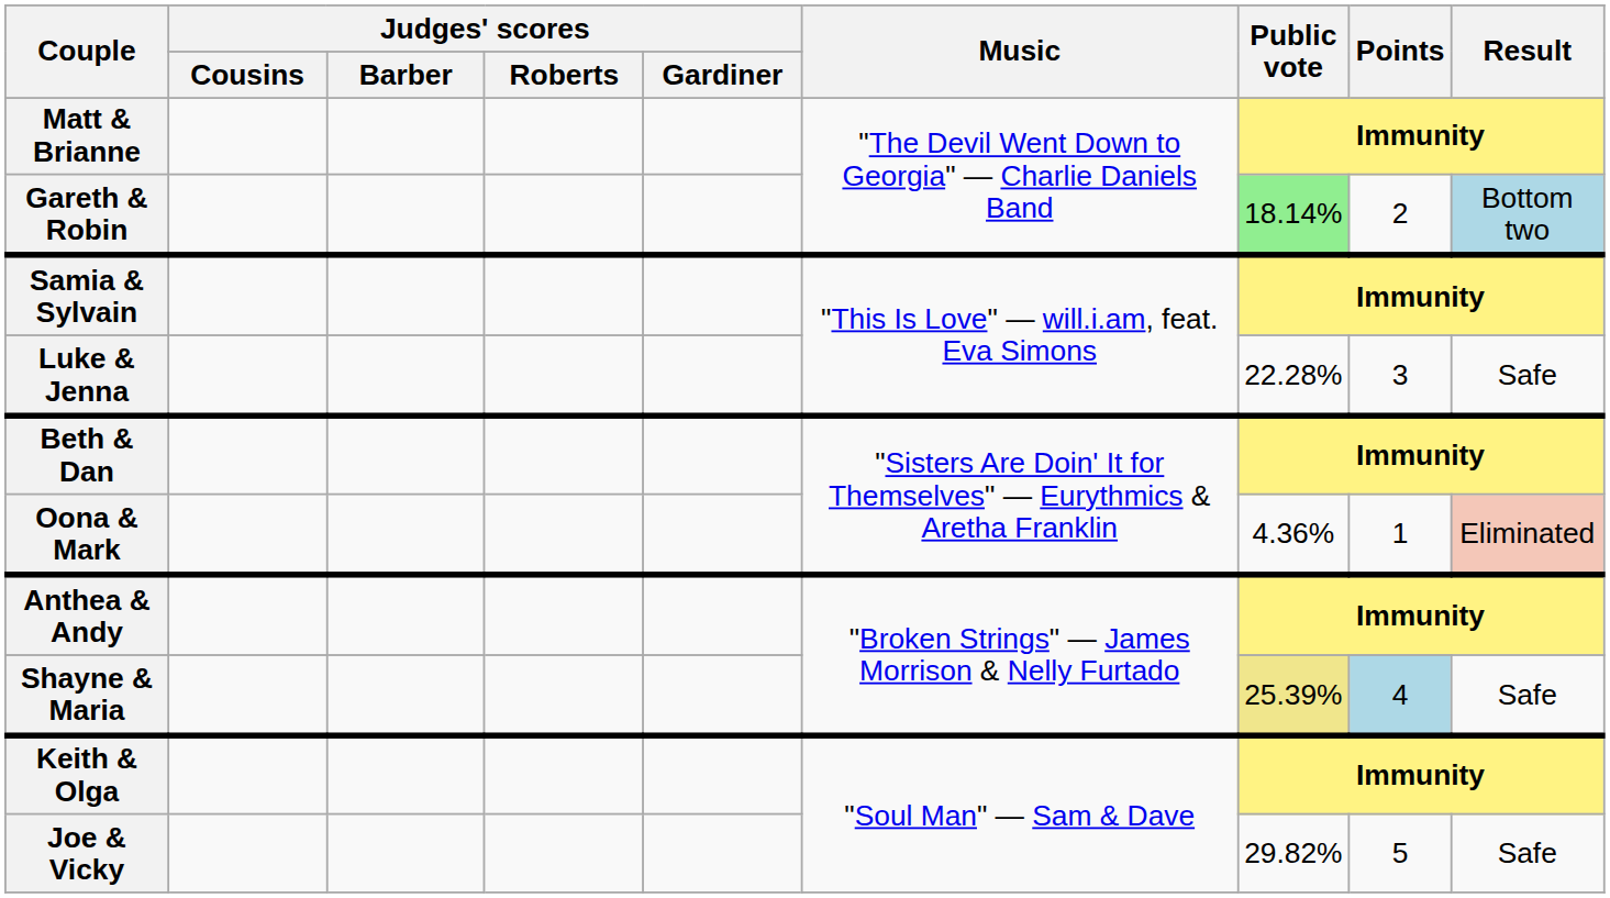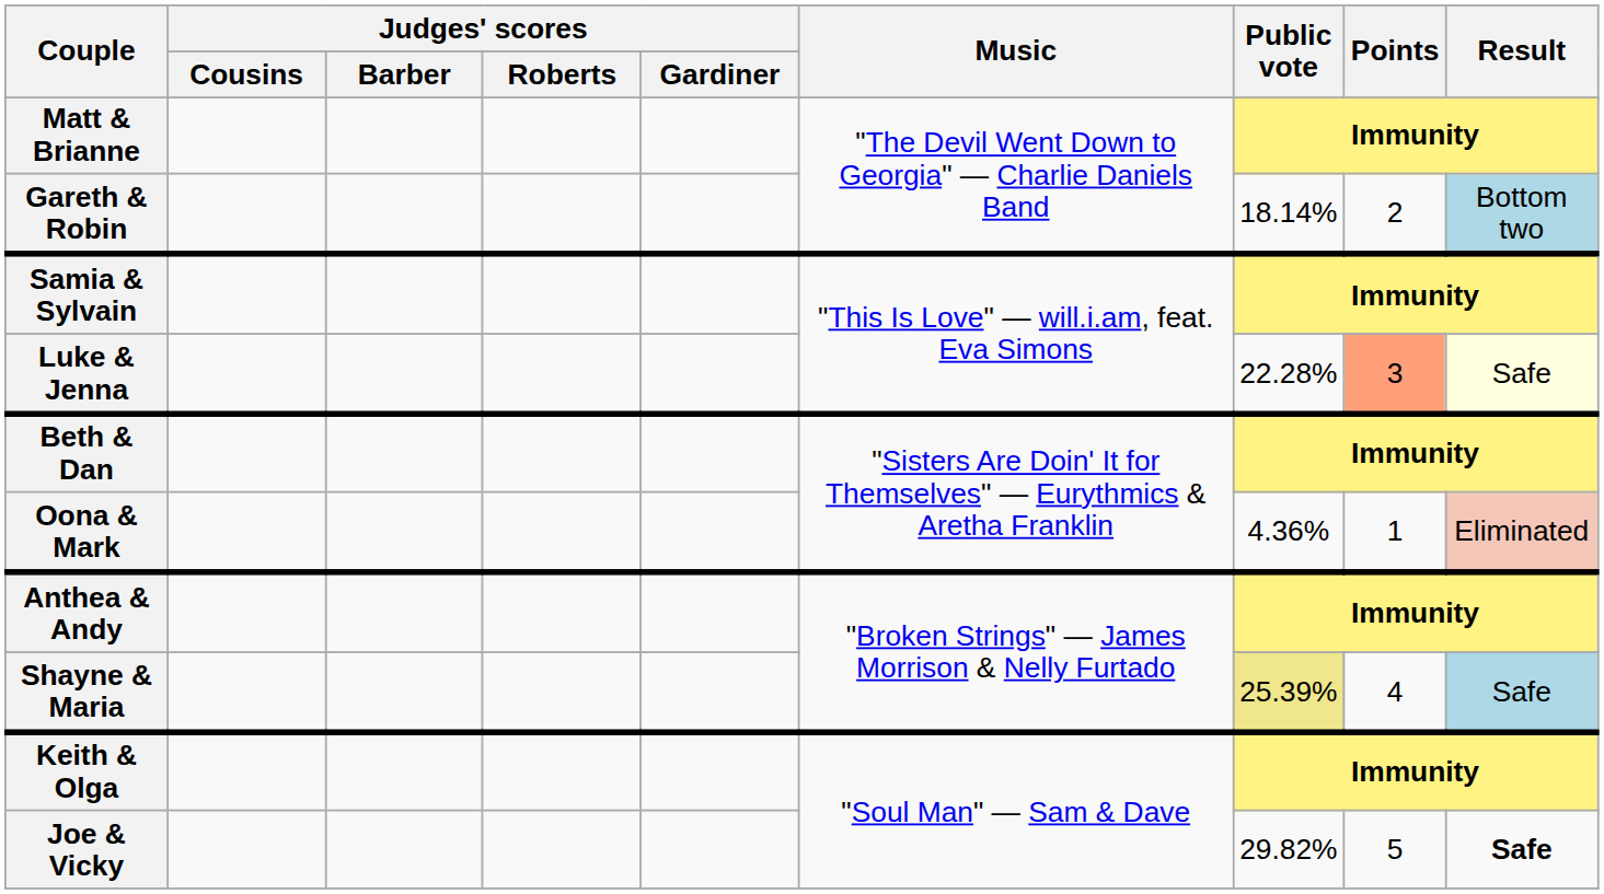 <table class="wikitable unsortable" style="text-align:center; font-size:90%; width:90%">
 <tr>
 <th scope="col" rowspan=2>Couple</th>
 <th scope="col" colspan=4>Judges' scores</th>
 <th scope="col" rowspan=2>Music</th>
 <th scope="col" rowspan=2>Public<br>vote</th>
 <th scope="col" rowspan=2>Points</th>
 <th scope="col" rowspan=2>Result</th>
 </tr>
 <tr>
 <th style="width:5em;">Cousins</th>
 <th style="width:5em;">Barber</th>
 <th style="width:5em;">Roberts</th>
 <th style="width:5em;">Gardiner</th>
 </tr>
 <tr>
 <th scope="row">Matt & Brianne</th>
 <td></td>
 <td></td>
 <td></td>
 <td></td>
 <td rowspan=2>"<a href='#'>The Devil Went Down to Georgia</a>" — <a href='#'>Charlie Daniels Band</a></td>
 <td colspan="3" bgcolor="fff383"><strong>Immunity</strong></td>
 </tr>
 <tr>
 <th scope="row">Gareth & Robin</th>
 <td></td>
 <td></td>
 <td></td>
 <td></td>
-<td style="background: lightgreen;">18.14%</td>
+<td>18.14%</td>
 <td>2</td>
 <td bgcolor=lightblue>Bottom two</td>
 </tr>
 <tr style="border-top:3px solid">
 <th scope="row">Samia & Sylvain</th>
 <td></td>
 <td></td>
 <td></td>
 <td></td>
 <td rowspan=2>"<a href='#'>This Is Love</a>" — <a href='#'>will.i.am</a>, feat. <a href='#'>Eva Simons</a></td>
 <td colspan="3" bgcolor="fff383"><strong>Immunity</strong></td>
 </tr>
 <tr>
 <th scope="row">Luke & Jenna</th>
 <td></td>
 <td></td>
 <td></td>
 <td></td>
 <td>22.28%</td>
-<td>3</td>
-<td>Safe</td>
+<td style="background: lightsalmon;">3</td>
+<td style="background: lightyellow;">Safe</td>
 </tr>
 <tr style="border-top:3px solid">
 <th scope="row">Beth & Dan</th>
 <td></td>
 <td></td>
 <td></td>
 <td></td>
 <td rowspan=2>"<a href='#'>Sisters Are Doin' It for Themselves</a>" — <a href='#'>Eurythmics</a> & <a href='#'>Aretha Franklin</a></td>
 <td colspan="3" bgcolor="fff383"><strong>Immunity</strong></td>
 </tr>
 <tr>
 <th scope="row">Oona & Mark</th>
 <td></td>
 <td></td>
 <td></td>
 <td></td>
 <td>4.36%</td>
 <td>1</td>
 <td bgcolor=f4c7b8>Eliminated</td>
 </tr>
 <tr style="border-top:3px solid">
 <th scope="row">Anthea & Andy</th>
 <td></td>
 <td></td>
 <td></td>
 <td></td>
 <td rowspan=2>"<a href='#'>Broken Strings</a>" — <a href='#'>James Morrison</a> & <a href='#'>Nelly Furtado</a></td>
 <td colspan="3" bgcolor="fff383"><strong>Immunity</strong></td>
 </tr>
 <tr>
 <th scope="row">Shayne & Maria</th>
 <td></td>
 <td></td>
 <td></td>
 <td></td>
 <td style="background: khaki;">25.39%</td>
-<td style="background: lightblue;">4</td>
-<td>Safe</td>
+<td>4</td>
+<td style="background: lightblue;">Safe</td>
 </tr>
 <tr style="border-top:3px solid">
 <th scope="row">Keith & Olga</th>
 <td></td>
 <td></td>
 <td></td>
 <td></td>
 <td rowspan=2>"<a href='#'>Soul Man</a>" — <a href='#'>Sam & Dave</a></td>
 <td colspan="3" bgcolor="fff383"><strong>Immunity</strong></td>
 </tr>
 <tr>
 <th scope="row">Joe & Vicky</th>
 <td></td>
 <td></td>
 <td></td>
 <td></td>
 <td>29.82%</td>
 <td>5</td>
-<td>Safe</td>
+<td><strong>Safe</strong></td>
 </tr>
 </table>
